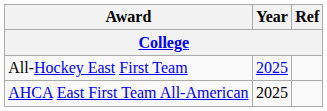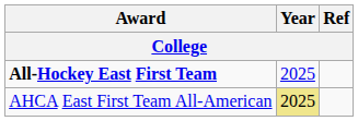 <table class="wikitable">
 <tr>
 <th>Award</th>
 <th>Year</th>
 <th>Ref</th>
 </tr>
 <tr>
 <th colspan="3"><a href='#'>College</a></th>
 </tr>
 <tr>
-<td>All-<a href='#'>Hockey East</a> <a href='#'>First Team</a></td>
+<td><strong>All-<a href='#'>Hockey East</a> <a href='#'>First Team</a></strong></td>
 <td><a href='#'>2025</a></td>
 <td></td>
 </tr>
 <tr>
 <td><a href='#'>AHCA</a> <a href='#'>East First Team All-American</a></td>
-<td>2025</td>
+<td style="background: khaki;">2025</td>
 <td></td>
 </tr>
 </table>
